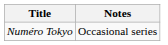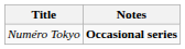 <table class="wikitable">
 <tr>
 <th>Title</th>
 <th>Notes</th>
 </tr>
 <tr>
 <td><em>Numéro Tokyo</em></td>
-<td>Occasional series</td>
+<td><strong>Occasional series</strong></td>
 </tr>
 </table>
